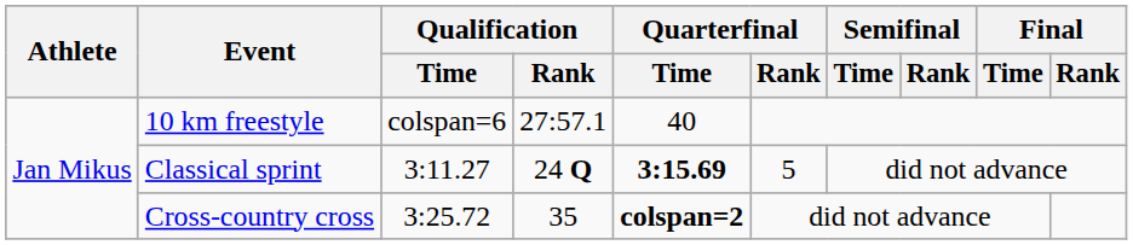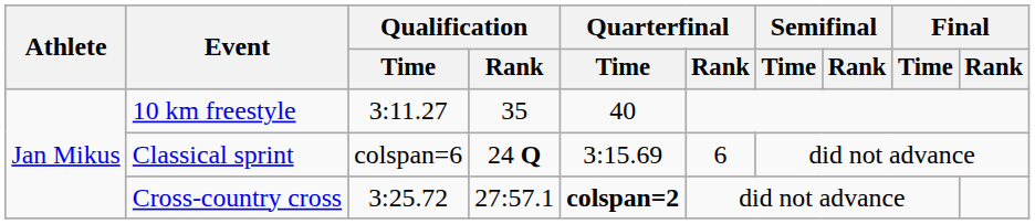 <table class="wikitable" style="font-size:90%">
 <tr>
 <th rowspan="2">Athlete</th>
 <th rowspan="2">Event</th>
 <th colspan="2">Qualification</th>
 <th colspan="2">Quarterfinal</th>
 <th colspan="2">Semifinal</th>
 <th colspan="2">Final</th>
 </tr>
 <tr style="font-size:95%">
 <th>Time</th>
 <th>Rank</th>
 <th>Time</th>
 <th>Rank</th>
 <th>Time</th>
 <th>Rank</th>
 <th>Time</th>
 <th>Rank</th>
 </tr>
 <tr align=center>
 <td align=left rowspan=3><a href='#'>Jan Mikus</a></td>
 <td align=left><a href='#'>10 km freestyle</a></td>
-<td>colspan=6 </td>
-<td>27:57.1</td>
+<td>3:11.27</td>
+<td>35</td>
 <td>40</td>
 </tr>
 <tr align=center>
 <td align=left><a href='#'>Classical sprint</a></td>
-<td>3:11.27</td>
+<td>colspan=6 </td>
 <td>24 <strong>Q</strong></td>
-<td><strong>3:15.69</strong></td>
-<td>5</td>
+<td>3:15.69</td>
+<td>6</td>
 <td colspan=4>did not advance</td>
 </tr>
 <tr align=center>
 <td align=left><a href='#'>Cross-country cross</a></td>
 <td>3:25.72</td>
-<td>35</td>
+<td>27:57.1</td>
 <td><strong>colspan=2 </strong></td>
 <td colspan=4>did not advance</td>
 </tr>
 </table>
